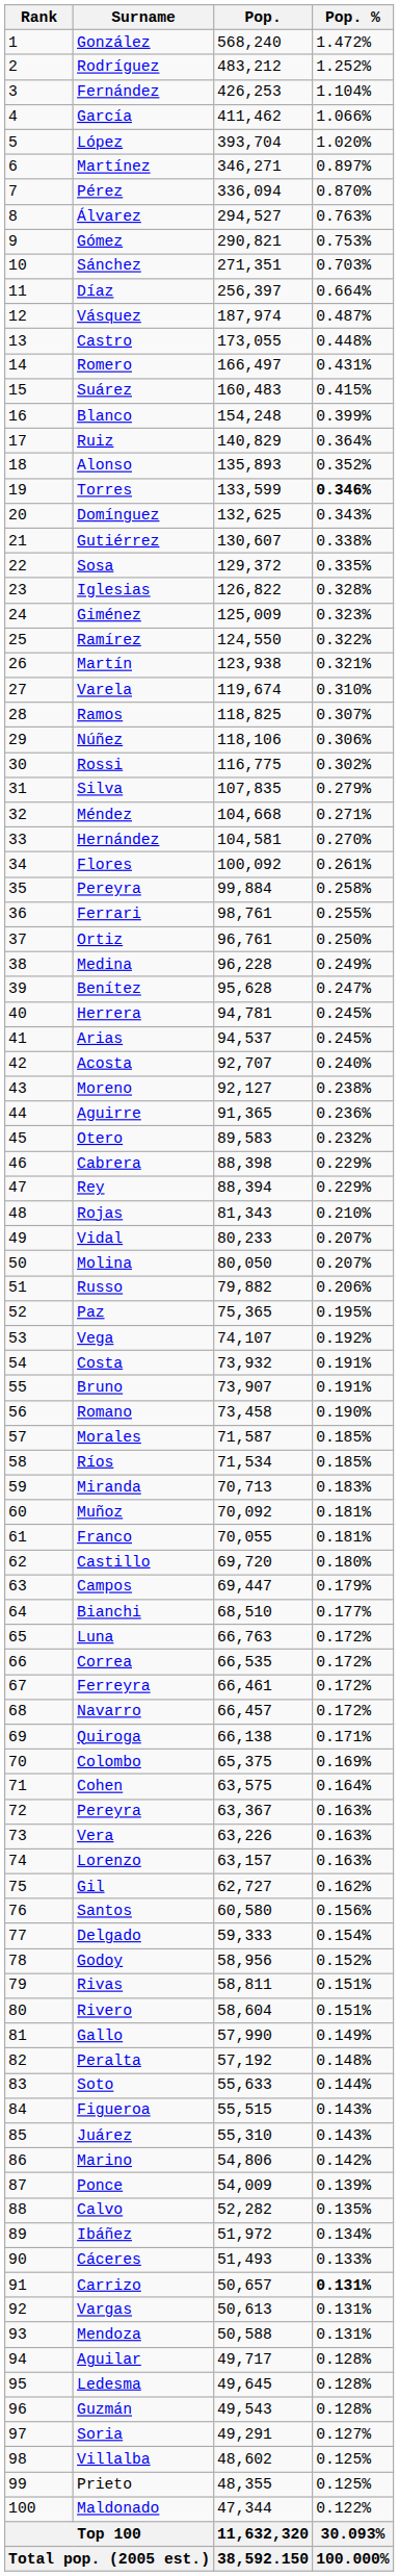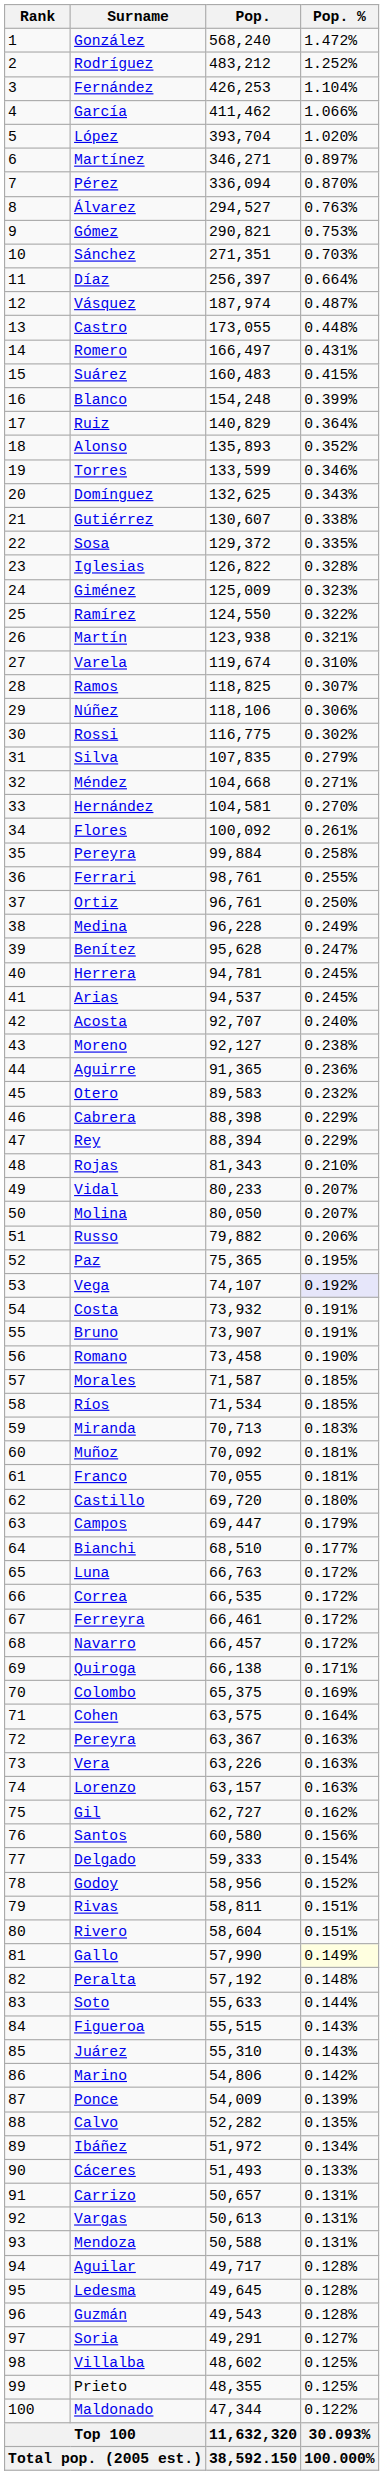 <table class="wikitable">
 <tr>
 <th>Rank</th>
 <th>Surname</th>
 <th>Pop.</th>
 <th>Pop. %</th>
 </tr>
 <tr>
 <td>1</td>
 <td align="left"><a href='#'>González</a></td>
 <td>568,240</td>
 <td>1.472%</td>
 </tr>
 <tr>
 <td>2</td>
 <td align="left"><a href='#'>Rodríguez</a></td>
 <td>483,212</td>
 <td>1.252%</td>
 </tr>
 <tr>
 <td>3</td>
 <td align="left"><a href='#'>Fernández</a></td>
 <td>426,253</td>
 <td>1.104%</td>
 </tr>
 <tr>
 <td>4</td>
 <td align="left"><a href='#'>García</a></td>
 <td>411,462</td>
 <td>1.066%</td>
 </tr>
 <tr>
 <td>5</td>
 <td align="left"><a href='#'>López</a></td>
 <td>393,704</td>
 <td>1.020%</td>
 </tr>
 <tr>
 <td>6</td>
 <td align="left"><a href='#'>Martínez</a></td>
 <td>346,271</td>
 <td>0.897%</td>
 </tr>
 <tr>
 <td>7</td>
 <td align="left"><a href='#'>Pérez</a></td>
 <td>336,094</td>
 <td>0.870%</td>
 </tr>
 <tr>
 <td>8</td>
 <td align="left"><a href='#'>Álvarez</a></td>
 <td>294,527</td>
 <td>0.763%</td>
 </tr>
 <tr>
 <td>9</td>
 <td align="left"><a href='#'>Gómez</a></td>
 <td>290,821</td>
 <td>0.753%</td>
 </tr>
 <tr>
 <td>10</td>
 <td align="left"><a href='#'>Sánchez</a></td>
 <td>271,351</td>
 <td>0.703%</td>
 </tr>
 <tr>
 <td>11</td>
 <td align="left"><a href='#'>Díaz</a></td>
 <td>256,397</td>
 <td>0.664%</td>
 </tr>
 <tr>
 <td>12</td>
 <td align="left"><a href='#'>Vásquez</a></td>
 <td>187,974</td>
 <td>0.487%</td>
 </tr>
 <tr>
 <td>13</td>
 <td align="left"><a href='#'>Castro</a></td>
 <td>173,055</td>
 <td>0.448%</td>
 </tr>
 <tr>
 <td>14</td>
 <td align="left"><a href='#'>Romero</a></td>
 <td>166,497</td>
 <td>0.431%</td>
 </tr>
 <tr>
 <td>15</td>
 <td align="left"><a href='#'>Suárez</a></td>
 <td>160,483</td>
 <td>0.415%</td>
 </tr>
 <tr>
 <td>16</td>
 <td align="left"><a href='#'>Blanco</a></td>
 <td>154,248</td>
 <td>0.399%</td>
 </tr>
 <tr>
 <td>17</td>
 <td align="left"><a href='#'>Ruiz</a></td>
 <td>140,829</td>
 <td>0.364%</td>
 </tr>
 <tr>
 <td>18</td>
 <td align="left"><a href='#'>Alonso</a></td>
 <td>135,893</td>
 <td>0.352%</td>
 </tr>
 <tr>
 <td>19</td>
 <td align="left"><a href='#'>Torres</a></td>
 <td>133,599</td>
-<td><strong>0.346%</strong></td>
+<td>0.346%</td>
 </tr>
 <tr>
 <td>20</td>
 <td align="left"><a href='#'>Domínguez</a></td>
 <td>132,625</td>
 <td>0.343%</td>
 </tr>
 <tr>
 <td>21</td>
 <td align="left"><a href='#'>Gutiérrez</a></td>
 <td>130,607</td>
 <td>0.338%</td>
 </tr>
 <tr>
 <td>22</td>
 <td align="left"><a href='#'>Sosa</a></td>
 <td>129,372</td>
 <td>0.335%</td>
 </tr>
 <tr>
 <td>23</td>
 <td align="left"><a href='#'>Iglesias</a></td>
 <td>126,822</td>
 <td>0.328%</td>
 </tr>
 <tr>
 <td>24</td>
 <td align="left"><a href='#'>Giménez</a></td>
 <td>125,009</td>
 <td>0.323%</td>
 </tr>
 <tr>
 <td>25</td>
 <td align="left"><a href='#'>Ramírez</a></td>
 <td>124,550</td>
 <td>0.322%</td>
 </tr>
 <tr>
 <td>26</td>
 <td align="left"><a href='#'>Martín</a></td>
 <td>123,938</td>
 <td>0.321%</td>
 </tr>
 <tr>
 <td>27</td>
 <td align="left"><a href='#'>Varela</a></td>
 <td>119,674</td>
 <td>0.310%</td>
 </tr>
 <tr>
 <td>28</td>
 <td align="left"><a href='#'>Ramos</a></td>
 <td>118,825</td>
 <td>0.307%</td>
 </tr>
 <tr>
 <td>29</td>
 <td align="left"><a href='#'>Núñez</a></td>
 <td>118,106</td>
 <td>0.306%</td>
 </tr>
 <tr>
 <td>30</td>
 <td align="left"><a href='#'>Rossi</a></td>
 <td>116,775</td>
 <td>0.302%</td>
 </tr>
 <tr>
 <td>31</td>
 <td align="left"><a href='#'>Silva</a></td>
 <td>107,835</td>
 <td>0.279%</td>
 </tr>
 <tr>
 <td>32</td>
 <td align="left"><a href='#'>Méndez</a></td>
 <td>104,668</td>
 <td>0.271%</td>
 </tr>
 <tr>
 <td>33</td>
 <td align="left"><a href='#'>Hernández</a></td>
 <td>104,581</td>
 <td>0.270%</td>
 </tr>
 <tr>
 <td>34</td>
 <td align="left"><a href='#'>Flores</a></td>
 <td>100,092</td>
 <td>0.261%</td>
 </tr>
 <tr>
 <td>35</td>
 <td align="left"><a href='#'>Pereyra</a></td>
 <td>99,884</td>
 <td>0.258%</td>
 </tr>
 <tr>
 <td>36</td>
 <td align="left"><a href='#'>Ferrari</a></td>
 <td>98,761</td>
 <td>0.255%</td>
 </tr>
 <tr>
 <td>37</td>
 <td align="left"><a href='#'>Ortiz</a></td>
 <td>96,761</td>
 <td>0.250%</td>
 </tr>
 <tr>
 <td>38</td>
 <td align="left"><a href='#'>Medina</a></td>
 <td>96,228</td>
 <td>0.249%</td>
 </tr>
 <tr>
 <td>39</td>
 <td align="left"><a href='#'>Benítez</a></td>
 <td>95,628</td>
 <td>0.247%</td>
 </tr>
 <tr>
 <td>40</td>
 <td align="left"><a href='#'>Herrera</a></td>
 <td>94,781</td>
 <td>0.245%</td>
 </tr>
 <tr>
 <td>41</td>
 <td align="left"><a href='#'>Arias</a></td>
 <td>94,537</td>
 <td>0.245%</td>
 </tr>
 <tr>
 <td>42</td>
 <td align="left"><a href='#'>Acosta</a></td>
 <td>92,707</td>
 <td>0.240%</td>
 </tr>
 <tr>
 <td>43</td>
 <td align="left"><a href='#'>Moreno</a></td>
 <td>92,127</td>
 <td>0.238%</td>
 </tr>
 <tr>
 <td>44</td>
 <td align="left"><a href='#'>Aguirre</a></td>
 <td>91,365</td>
 <td>0.236%</td>
 </tr>
 <tr>
 <td>45</td>
 <td align="left"><a href='#'>Otero</a></td>
 <td>89,583</td>
 <td>0.232%</td>
 </tr>
 <tr>
 <td>46</td>
 <td align="left"><a href='#'>Cabrera</a></td>
 <td>88,398</td>
 <td>0.229%</td>
 </tr>
 <tr>
 <td>47</td>
 <td align="left"><a href='#'>Rey</a></td>
 <td>88,394</td>
 <td>0.229%</td>
 </tr>
 <tr>
 <td>48</td>
 <td align="left"><a href='#'>Rojas</a></td>
 <td>81,343</td>
 <td>0.210%</td>
 </tr>
 <tr>
 <td>49</td>
 <td align="left"><a href='#'>Vidal</a></td>
 <td>80,233</td>
 <td>0.207%</td>
 </tr>
 <tr>
 <td>50</td>
 <td align="left"><a href='#'>Molina</a></td>
 <td>80,050</td>
 <td>0.207%</td>
 </tr>
 <tr>
 <td>51</td>
 <td align="left"><a href='#'>Russo</a></td>
 <td>79,882</td>
 <td>0.206%</td>
 </tr>
 <tr>
 <td>52</td>
 <td align="left"><a href='#'>Paz</a></td>
 <td>75,365</td>
 <td>0.195%</td>
 </tr>
 <tr>
 <td>53</td>
 <td align="left"><a href='#'>Vega</a></td>
 <td>74,107</td>
-<td>0.192%</td>
+<td style="background: lavender;">0.192%</td>
 </tr>
 <tr>
 <td>54</td>
 <td align="left"><a href='#'>Costa</a></td>
 <td>73,932</td>
 <td>0.191%</td>
 </tr>
 <tr>
 <td>55</td>
 <td align="left"><a href='#'>Bruno</a></td>
 <td>73,907</td>
 <td>0.191%</td>
 </tr>
 <tr>
 <td>56</td>
 <td align="left"><a href='#'>Romano</a></td>
 <td>73,458</td>
 <td>0.190%</td>
 </tr>
 <tr>
 <td>57</td>
 <td align="left"><a href='#'>Morales</a></td>
 <td>71,587</td>
 <td>0.185%</td>
 </tr>
 <tr>
 <td>58</td>
 <td align="left"><a href='#'>Ríos</a></td>
 <td>71,534</td>
 <td>0.185%</td>
 </tr>
 <tr>
 <td>59</td>
 <td align="left"><a href='#'>Miranda</a></td>
 <td>70,713</td>
 <td>0.183%</td>
 </tr>
 <tr>
 <td>60</td>
 <td align="left"><a href='#'>Muñoz</a></td>
 <td>70,092</td>
 <td>0.181%</td>
 </tr>
 <tr>
 <td>61</td>
 <td align="left"><a href='#'>Franco</a></td>
 <td>70,055</td>
 <td>0.181%</td>
 </tr>
 <tr>
 <td>62</td>
 <td align="left"><a href='#'>Castillo</a></td>
 <td>69,720</td>
 <td>0.180%</td>
 </tr>
 <tr>
 <td>63</td>
 <td align="left"><a href='#'>Campos</a></td>
 <td>69,447</td>
 <td>0.179%</td>
 </tr>
 <tr>
 <td>64</td>
 <td align="left"><a href='#'>Bianchi</a></td>
 <td>68,510</td>
 <td>0.177%</td>
 </tr>
 <tr>
 <td>65</td>
 <td align="left"><a href='#'>Luna</a></td>
 <td>66,763</td>
 <td>0.172%</td>
 </tr>
 <tr>
 <td>66</td>
 <td align="left"><a href='#'>Correa</a></td>
 <td>66,535</td>
 <td>0.172%</td>
 </tr>
 <tr>
 <td>67</td>
 <td align="left"><a href='#'>Ferreyra</a></td>
 <td>66,461</td>
 <td>0.172%</td>
 </tr>
 <tr>
 <td>68</td>
 <td align="left"><a href='#'>Navarro</a></td>
 <td>66,457</td>
 <td>0.172%</td>
 </tr>
 <tr>
 <td>69</td>
 <td align="left"><a href='#'>Quiroga</a></td>
 <td>66,138</td>
 <td>0.171%</td>
 </tr>
 <tr>
 <td>70</td>
 <td align="left"><a href='#'>Colombo</a></td>
 <td>65,375</td>
 <td>0.169%</td>
 </tr>
 <tr>
 <td>71</td>
 <td align="left"><a href='#'>Cohen</a></td>
 <td>63,575</td>
 <td>0.164%</td>
 </tr>
 <tr>
 <td>72</td>
 <td align="left"><a href='#'>Pereyra</a></td>
 <td>63,367</td>
 <td>0.163%</td>
 </tr>
 <tr>
 <td>73</td>
 <td align="left"><a href='#'>Vera</a></td>
 <td>63,226</td>
 <td>0.163%</td>
 </tr>
 <tr>
 <td>74</td>
 <td align="left"><a href='#'>Lorenzo</a></td>
 <td>63,157</td>
 <td>0.163%</td>
 </tr>
 <tr>
 <td>75</td>
 <td align="left"><a href='#'>Gil</a></td>
 <td>62,727</td>
 <td>0.162%</td>
 </tr>
 <tr>
 <td>76</td>
 <td align="left"><a href='#'>Santos</a></td>
 <td>60,580</td>
 <td>0.156%</td>
 </tr>
 <tr>
 <td>77</td>
 <td align="left"><a href='#'>Delgado</a></td>
 <td>59,333</td>
 <td>0.154%</td>
 </tr>
 <tr>
 <td>78</td>
 <td align="left"><a href='#'>Godoy</a></td>
 <td>58,956</td>
 <td>0.152%</td>
 </tr>
 <tr>
 <td>79</td>
 <td align="left"><a href='#'>Rivas</a></td>
 <td>58,811</td>
 <td>0.151%</td>
 </tr>
 <tr>
 <td>80</td>
 <td align="left"><a href='#'>Rivero</a></td>
 <td>58,604</td>
 <td>0.151%</td>
 </tr>
 <tr>
 <td>81</td>
 <td align="left"><a href='#'>Gallo</a></td>
 <td>57,990</td>
-<td>0.149%</td>
+<td style="background: lightyellow;">0.149%</td>
 </tr>
 <tr>
 <td>82</td>
 <td align="left"><a href='#'>Peralta</a></td>
 <td>57,192</td>
 <td>0.148%</td>
 </tr>
 <tr>
 <td>83</td>
 <td align="left"><a href='#'>Soto</a></td>
 <td>55,633</td>
 <td>0.144%</td>
 </tr>
 <tr>
 <td>84</td>
 <td align="left"><a href='#'>Figueroa</a></td>
 <td>55,515</td>
 <td>0.143%</td>
 </tr>
 <tr>
 <td>85</td>
 <td align="left"><a href='#'>Juárez</a></td>
 <td>55,310</td>
 <td>0.143%</td>
 </tr>
 <tr>
 <td>86</td>
 <td align="left"><a href='#'>Marino</a></td>
 <td>54,806</td>
 <td>0.142%</td>
 </tr>
 <tr>
 <td>87</td>
 <td align="left"><a href='#'>Ponce</a></td>
 <td>54,009</td>
 <td>0.139%</td>
 </tr>
 <tr>
 <td>88</td>
 <td align="left"><a href='#'>Calvo</a></td>
 <td>52,282</td>
 <td>0.135%</td>
 </tr>
 <tr>
 <td>89</td>
 <td align="left"><a href='#'>Ibáñez</a></td>
 <td>51,972</td>
 <td>0.134%</td>
 </tr>
 <tr>
 <td>90</td>
 <td align="left"><a href='#'>Cáceres</a></td>
 <td>51,493</td>
 <td>0.133%</td>
 </tr>
 <tr>
 <td>91</td>
 <td align="left"><a href='#'>Carrizo</a></td>
 <td>50,657</td>
-<td><strong>0.131%</strong></td>
+<td>0.131%</td>
 </tr>
 <tr>
 <td>92</td>
 <td align="left"><a href='#'>Vargas</a></td>
 <td>50,613</td>
 <td>0.131%</td>
 </tr>
 <tr>
 <td>93</td>
 <td align="left"><a href='#'>Mendoza</a></td>
 <td>50,588</td>
 <td>0.131%</td>
 </tr>
 <tr>
 <td>94</td>
 <td align="left"><a href='#'>Aguilar</a></td>
 <td>49,717</td>
 <td>0.128%</td>
 </tr>
 <tr>
 <td>95</td>
 <td align="left"><a href='#'>Ledesma</a></td>
 <td>49,645</td>
 <td>0.128%</td>
 </tr>
 <tr>
 <td>96</td>
 <td align="left"><a href='#'>Guzmán</a></td>
 <td>49,543</td>
 <td>0.128%</td>
 </tr>
 <tr>
 <td>97</td>
 <td align="left"><a href='#'>Soria</a></td>
 <td>49,291</td>
 <td>0.127%</td>
 </tr>
 <tr>
 <td>98</td>
 <td align="left"><a href='#'>Villalba</a></td>
 <td>48,602</td>
 <td>0.125%</td>
 </tr>
 <tr>
 <td>99</td>
 <td align="left">Prieto</td>
 <td>48,355</td>
 <td>0.125%</td>
 </tr>
 <tr>
 <td>100</td>
 <td align="left"><a href='#'>Maldonado</a></td>
 <td>47,344</td>
 <td>0.122%</td>
 </tr>
 <tr>
 <th colspan="2">Top 100</th>
 <th>11,632,320</th>
 <th>30.093%</th>
 </tr>
 <tr>
 <th colspan="2">Total pop. (2005 est.)</th>
 <th>38,592.150</th>
 <th>100.000%</th>
 </tr>
 </table>
